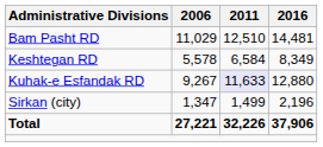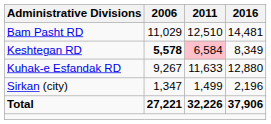 <table class="wikitable">
 <tr>
 <th>Administrative Divisions</th>
 <th>2006</th>
 <th>2011</th>
 <th>2016</th>
 </tr>
 <tr>
 <td><a href='#'>Bam Pasht RD</a></td>
 <td style="text-align: right;">11,029</td>
 <td style="text-align: right;">12,510</td>
 <td style="text-align: right;">14,481</td>
 </tr>
 <tr>
 <td><a href='#'>Keshtegan RD</a></td>
-<td style="text-align: right;">5,578</td>
-<td style="text-align: right;">6,584</td>
+<td style="text-align: right;"><strong>5,578</strong></td>
+<td style="background: pink; text-align: right;">6,584</td>
 <td style="text-align: right;">8,349</td>
 </tr>
 <tr>
 <td><a href='#'>Kuhak-e Esfandak RD</a></td>
 <td style="text-align: right;">9,267</td>
-<td style="background: lavender; text-align: right;">11,633</td>
+<td style="text-align: right;">11,633</td>
 <td style="text-align: right;">12,880</td>
 </tr>
 <tr>
 <td><a href='#'>Sirkan</a> (city)</td>
 <td style="text-align: right;">1,347</td>
 <td style="text-align: right;">1,499</td>
 <td style="text-align: right;">2,196</td>
 </tr>
 <tr>
 <td><strong>Total</strong></td>
 <td style="text-align: right;"><strong>27,221</strong></td>
 <td style="text-align: right;"><strong>32,226</strong></td>
 <td style="text-align: right;"><strong>37,906</strong></td>
 </tr>
 <tr>
 <td colspan=4></td>
 </tr>
 </table>
